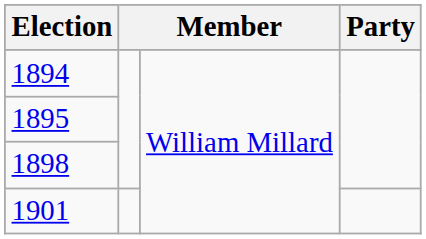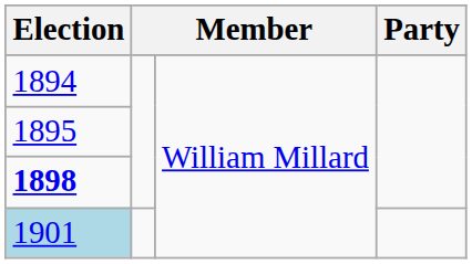 <table class="wikitable">
 <tr>
 <th>Election</th>
 <th colspan="2">Member</th>
 <th>Party</th>
 </tr>
 <tr>
 <td><a href='#'>1894</a></td>
 <td rowspan="3" > </td>
 <td rowspan="4"><a href='#'>William Millard</a></td>
 <td rowspan="3"></td>
 </tr>
 <tr>
 <td><a href='#'>1895</a></td>
 </tr>
 <tr>
-<td><a href='#'>1898</a></td>
+<td><strong><a href='#'>1898</a></strong></td>
 </tr>
 <tr>
-<td><a href='#'>1901</a></td>
+<td style="background: lightblue;"><a href='#'>1901</a></td>
 <td> </td>
 <td></td>
 </tr>
 </table>
